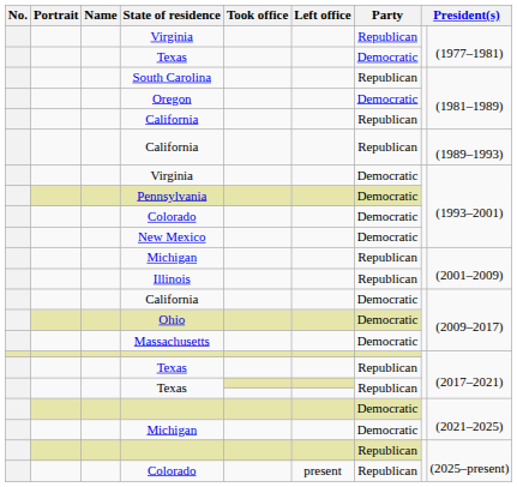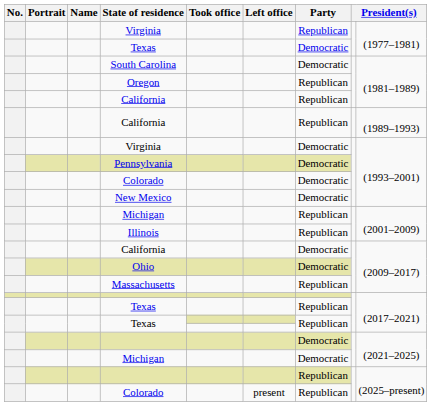 <table class="wikitable sortable" style="text-align:center">
 <tr>
 <th>No.</th>
 <th class=unsortable>Portrait</th>
 <th>Name</th>
 <th>State of residence</th>
 <th>Took office</th>
 <th>Left office</th>
 <th>Party</th>
 <th colspan=2><a href='#'>President(s)</a></th>
 </tr>
 <tr>
 <th style="background: "></th>
 <td></td>
 <td></td>
 <td><a href='#'>Virginia</a></td>
 <td></td>
 <td></td>
 <td><a href='#'>Republican</a></td>
 <td rowspan=2 style="background: "></td>
 <td rowspan=2><br>(1977–1981)</td>
 </tr>
 <tr>
 <th style="background: "></th>
 <td></td>
 <td></td>
 <td><a href='#'>Texas</a></td>
 <td></td>
 <td></td>
 <td><a href='#'>Democratic</a></td>
 </tr>
 <tr>
 <th style="background: "></th>
 <td></td>
 <td></td>
 <td><a href='#'>South Carolina</a></td>
 <td></td>
 <td></td>
-<td>Republican</td>
+<td>Democratic</td>
 <td rowspan=3 style="background: "></td>
 <td rowspan=3><br>(1981–1989)</td>
 </tr>
 <tr>
 <th style="background: "></th>
 <td></td>
 <td></td>
 <td><a href='#'>Oregon</a></td>
 <td></td>
 <td></td>
-<td><a href='#'>Democratic</a></td>
+<td>Republican</td>
 </tr>
 <tr>
 <th style="background: "></th>
 <td></td>
 <td></td>
 <td><a href='#'>California</a></td>
 <td></td>
 <td></td>
 <td>Republican</td>
 </tr>
 <tr>
 <th style="background: "></th>
 <td></td>
 <td></td>
 <td>California</td>
 <td></td>
 <td></td>
 <td>Republican</td>
 <td style="background: "></td>
 <td><br>(1989–1993)</td>
 </tr>
 <tr>
 <th style="background: "></th>
 <td></td>
 <td></td>
 <td>Virginia</td>
 <td></td>
 <td></td>
 <td>Democratic</td>
 <td rowspan=4 style="background: "></td>
 <td rowspan=4><br>(1993–2001)</td>
 </tr>
 <tr>
 <th style="background: "></th>
 <td style="background:#e6e6aa;"></td>
 <td style="background:#e6e6aa;"></td>
 <td style="background:#e6e6aa;"><a href='#'>Pennsylvania</a></td>
 <td style="background:#e6e6aa;"></td>
 <td style="background:#e6e6aa;"></td>
 <td style="background:#e6e6aa;">Democratic</td>
 </tr>
 <tr>
 <th style="background: "></th>
 <td></td>
 <td></td>
 <td><a href='#'>Colorado</a></td>
 <td></td>
 <td></td>
 <td>Democratic</td>
 </tr>
 <tr>
 <th style="background: "></th>
 <td></td>
 <td></td>
 <td><a href='#'>New Mexico</a></td>
 <td></td>
 <td></td>
 <td>Democratic</td>
 </tr>
 <tr>
 <th style="background: "></th>
 <td></td>
 <td></td>
 <td><a href='#'>Michigan</a></td>
 <td></td>
 <td></td>
 <td>Republican</td>
 <td rowspan=2 style="background: "></td>
 <td rowspan=2><br>(2001–2009)</td>
 </tr>
 <tr>
 <th style="background: "></th>
 <td></td>
 <td></td>
 <td><a href='#'>Illinois</a></td>
 <td></td>
 <td></td>
 <td>Republican</td>
 </tr>
 <tr>
 <th style="background: "></th>
 <td></td>
 <td></td>
 <td>California</td>
 <td></td>
 <td></td>
 <td>Democratic</td>
 <td rowspan=3 style="background: "></td>
 <td rowspan=3><br>(2009–2017)</td>
 </tr>
 <tr>
 <th style="background: "></th>
 <td style="background:#e6e6aa;"></td>
 <td style="background:#e6e6aa;"></td>
 <td style="background:#e6e6aa;"><a href='#'>Ohio</a></td>
 <td style="background:#e6e6aa;"></td>
 <td style="background:#e6e6aa;"></td>
 <td style="background:#e6e6aa;">Democratic</td>
 </tr>
 <tr>
 <th style="background: "></th>
 <td></td>
 <td></td>
 <td><a href='#'>Massachusetts</a></td>
 <td></td>
 <td></td>
-<td>Democratic</td>
+<td>Republican</td>
 </tr>
 <tr>
 <td style="background:#e6e6aa;"></td>
 <td style="background:#e6e6aa;"></td>
 <td style="background:#e6e6aa;"></td>
 <td style="background:#e6e6aa;"></td>
 <td style="background:#e6e6aa;"></td>
 <td style="background:#e6e6aa;"></td>
 <td style="background:#e6e6aa;"></td>
 <td rowspan=4 style="background: "></td>
 <td rowspan=4><br>(2017–2021)</td>
 </tr>
 <tr>
 <th style="background: "></th>
 <td></td>
 <td></td>
 <td><a href='#'>Texas</a></td>
 <td></td>
 <td></td>
 <td>Republican</td>
 </tr>
 <tr>
 <th rowspan=2 style="background: "></th>
 <td rowspan=2></td>
 <td rowspan=2></td>
 <td rowspan=2>Texas</td>
 <td bgcolor="#E6E6AA"></td>
 <td bgcolor="#E6E6AA"></td>
 <td rowspan=2>Republican</td>
 </tr>
 <tr>
 <td></td>
 <td></td>
 </tr>
 <tr>
 <th style="background: "></th>
 <td style="background:#e6e6aa;"></td>
 <td style="background:#e6e6aa;"></td>
 <td style="background:#e6e6aa;"></td>
 <td style="background:#e6e6aa;"></td>
 <td style="background:#e6e6aa;"></td>
 <td style="background:#e6e6aa;">Democratic</td>
 <td rowspan=2 style="background: "></td>
 <td rowspan=2><br>(2021–2025)</td>
 </tr>
 <tr>
 <th style="background: "></th>
 <td></td>
 <td></td>
 <td><a href='#'>Michigan</a></td>
 <td></td>
 <td></td>
 <td>Democratic</td>
 </tr>
 <tr>
 <th style="background: "></th>
 <td style="background:#e6e6aa;"></td>
 <td style="background:#e6e6aa;"></td>
 <td style="background:#e6e6aa;"></td>
 <td style="background:#e6e6aa;"></td>
 <td style="background:#e6e6aa;"></td>
 <td style="background:#e6e6aa;">Republican</td>
 <td rowspan=2 style="background: "></td>
 <td rowspan=2><br>(2025–present)</td>
 </tr>
 <tr>
 <th style="background: "></th>
 <td></td>
 <td></td>
 <td><a href='#'>Colorado</a></td>
 <td></td>
 <td>present</td>
 <td>Republican</td>
 </tr>
 </table>
